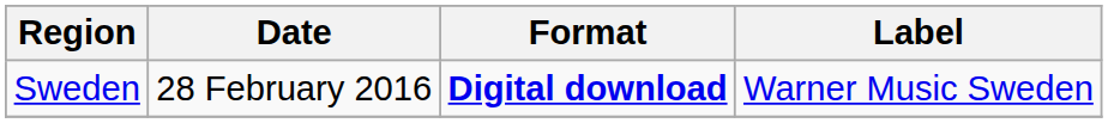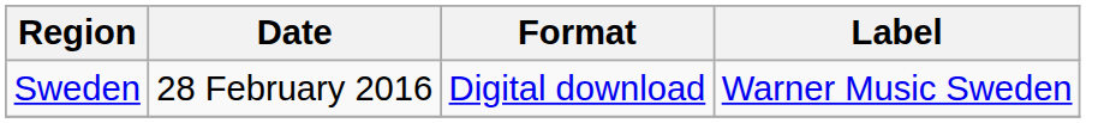 <table class=wikitable>
 <tr>
 <th>Region</th>
 <th>Date</th>
 <th>Format</th>
 <th>Label</th>
 </tr>
 <tr>
 <td><a href='#'>Sweden</a></td>
 <td>28 February 2016</td>
-<td><strong><a href='#'>Digital download</a></strong></td>
+<td><a href='#'>Digital download</a></td>
 <td><a href='#'>Warner Music Sweden</a></td>
 </tr>
 <tr>
 </tr>
 </table>
